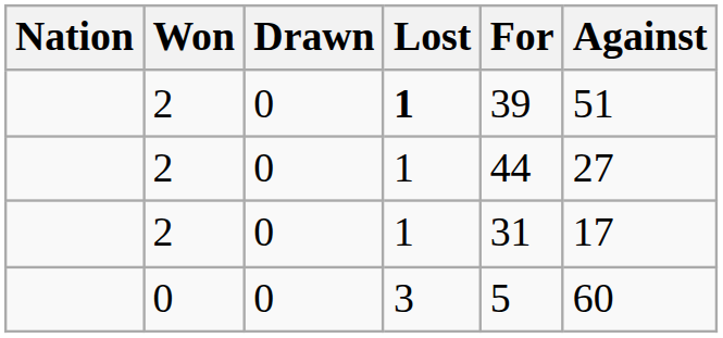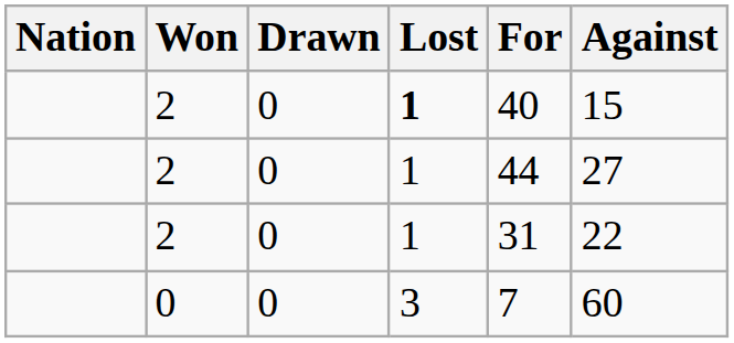 <table class="wikitable">
 <tr>
 <th>Nation</th>
 <th>Won</th>
 <th>Drawn</th>
 <th>Lost</th>
 <th>For</th>
 <th>Against</th>
 </tr>
 <tr>
 <td></td>
 <td>2</td>
 <td>0</td>
 <td><strong>1</strong></td>
-<td>39</td>
-<td>51</td>
+<td>40</td>
+<td>15</td>
 </tr>
 <tr>
 <td></td>
 <td>2</td>
 <td>0</td>
 <td>1</td>
 <td>44</td>
 <td>27</td>
 </tr>
 <tr>
 <td></td>
 <td>2</td>
 <td>0</td>
 <td>1</td>
 <td>31</td>
-<td>17</td>
+<td>22</td>
 </tr>
 <tr>
 <td></td>
 <td>0</td>
 <td>0</td>
 <td>3</td>
-<td>5</td>
+<td>7</td>
 <td>60</td>
 </tr>
 </table>
